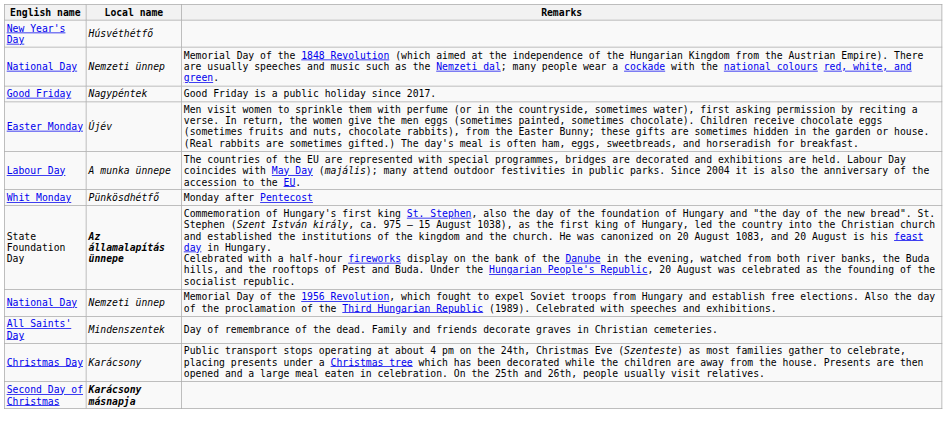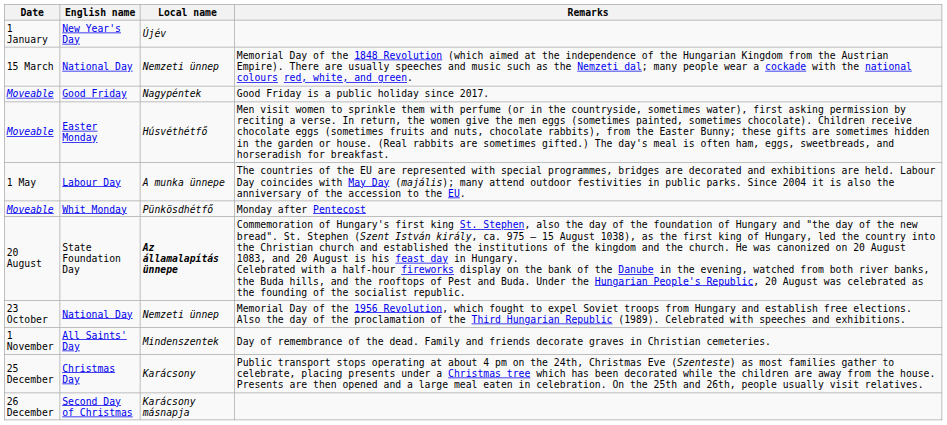 <table class=wikitable>
 <tr>
+<th scope="col">Date</th>
 <th scope="col">English name</th>
 <th scope="col">Local name</th>
 <th scope="col">Remarks</th>
 </tr>
 <tr>
+<td>1 January</td>
 <td><a href='#'>New Year's Day</a></td>
-<td><em>Húsvéthétfő</em></td>
+<td><em>Újév</em></td>
 <td></td>
 </tr>
 <tr>
+<td>15 March</td>
 <td><a href='#'>National Day</a></td>
 <td><em>Nemzeti ünnep</em></td>
 <td>Memorial Day of the <a href='#'>1848 Revolution</a> (which aimed at the independence of the Hungarian Kingdom from the Austrian Empire). There are usually speeches and music such as the <a href='#'>Nemzeti dal</a>; many people wear a <a href='#'>cockade</a> with the <a href='#'>national colours</a> <a href='#'>red, white, and green</a>.</td>
 </tr>
 <tr>
+<td><em><a href='#'>Moveable</a></em></td>
 <td><a href='#'>Good Friday</a></td>
 <td><em>Nagypéntek</em></td>
 <td>Good Friday is a public holiday since 2017.</td>
 </tr>
 <tr>
+<td><em><a href='#'>Moveable</a></em></td>
 <td><a href='#'>Easter Monday</a></td>
-<td><em>Újév</em></td>
+<td><em>Húsvéthétfő</em></td>
 <td>Men visit women to sprinkle them with perfume (or in the countryside, sometimes water), first asking permission by reciting a verse. In return, the women give the men eggs (sometimes painted, sometimes chocolate). Children receive chocolate eggs (sometimes fruits and nuts, chocolate rabbits), from the Easter Bunny; these gifts are sometimes hidden in the garden or house. (Real rabbits are sometimes gifted.) The day's meal is often ham, eggs, sweetbreads, and horseradish for breakfast.</td>
 </tr>
 <tr>
+<td>1 May</td>
 <td><a href='#'>Labour Day</a></td>
 <td><em>A munka ünnepe</em></td>
 <td>The countries of the EU are represented with special programmes, bridges are decorated and exhibitions are held. Labour Day coincides with <a href='#'>May Day</a> (<em>majális</em>); many attend outdoor festivities in public parks. Since 2004 it is also the anniversary of the accession to the <a href='#'>EU</a>.</td>
 </tr>
 <tr>
+<td><em><a href='#'>Moveable</a></em></td>
 <td><a href='#'>Whit Monday</a></td>
 <td><em>Pünkösdhétfő</em></td>
 <td>Monday after <a href='#'>Pentecost</a></td>
 </tr>
 <tr>
+<td>20 August</td>
 <td>State Foundation Day</td>
 <td><strong><em>Az államalapítás ünnepe</em></strong></td>
 <td>Commemoration of Hungary's first king <a href='#'>St. Stephen</a>, also the day of the foundation of Hungary and "the day of the new bread". St. Stephen (<em>Szent István király</em>, ca. 975 – 15 August 1038), as the first king of Hungary, led the country into the Christian church and established the institutions of the kingdom and the church. He was canonized on 20 August 1083, and 20 August is his <a href='#'>feast day</a> in Hungary.<br>Celebrated with a half-hour <a href='#'>fireworks</a> display on the bank of the <a href='#'>Danube</a> in the evening, watched from both river banks, the Buda hills, and the rooftops of Pest and Buda. Under the <a href='#'>Hungarian People's Republic</a>, 20 August was celebrated as the founding of the socialist republic.</td>
 </tr>
 <tr>
+<td>23 October</td>
 <td><a href='#'>National Day</a></td>
 <td><em>Nemzeti ünnep</em></td>
 <td>Memorial Day of the <a href='#'>1956 Revolution</a>, which fought to expel Soviet troops from Hungary and establish free elections. Also the day of the proclamation of the <a href='#'>Third Hungarian Republic</a> (1989). Celebrated with speeches and exhibitions.</td>
 </tr>
 <tr>
+<td>1 November</td>
 <td><a href='#'>All Saints' Day</a></td>
 <td><em>Mindenszentek</em></td>
 <td>Day of remembrance of the dead. Family and friends decorate graves in Christian cemeteries.</td>
 </tr>
 <tr>
+<td>25 December</td>
 <td><a href='#'>Christmas Day</a></td>
 <td><em>Karácsony</em></td>
 <td>Public transport stops operating at about 4 pm on the 24th, Christmas Eve (<em>Szenteste</em>) as most families gather to celebrate, placing presents under a <a href='#'>Christmas tree</a> which has been decorated while the children are away from the house. Presents are then opened and a large meal eaten in celebration. On the 25th and 26th, people usually visit relatives.</td>
 </tr>
 <tr>
+<td>26 December</td>
 <td><a href='#'>Second Day of Christmas</a></td>
-<td><strong><em>Karácsony másnapja</em></strong></td>
+<td><em>Karácsony másnapja</em></td>
 <td> </td>
 </tr>
 </table>
